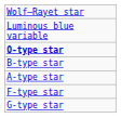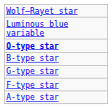 <table class="wikitable floatright" style="width: 170px;">
 <tr>
 <td style="background: "><a href='#'>Wolf–Rayet star</a></td>
 </tr>
 <tr>
 <td style="background: "><a href='#'>Luminous blue variable</a></td>
 </tr>
 <tr>
 <td style="background: "><strong><a href='#'>O-type star</a></strong></td>
 </tr>
 <tr>
 <td style="background: "><a href='#'>B-type star</a></td>
 </tr>
 <tr>
-<td style="background: "><a href='#'>A-type star</a></td>
+<td style="background: "><a href='#'>G-type star</a></td>
 </tr>
 <tr>
 <td style="background: "><a href='#'>F-type star</a></td>
 </tr>
 <tr>
-<td style="background: "><a href='#'>G-type star</a></td>
+<td style="background: "><a href='#'>A-type star</a></td>
 </tr>
 </table>
